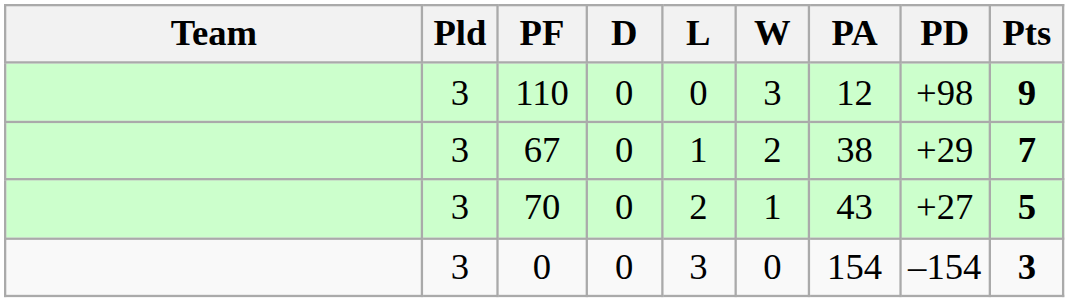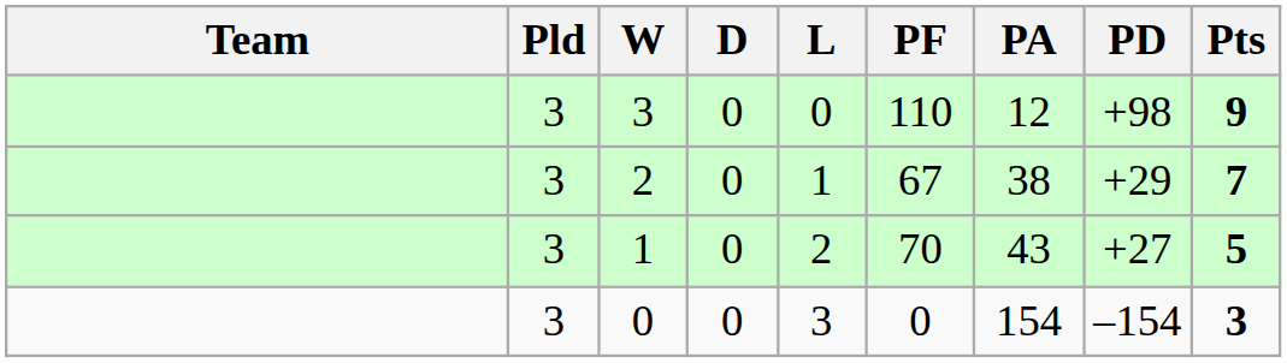 <table class="wikitable" style="text-align:center;">
 <tr>
 <th width=175>Team</th>
 <th width=25 abbr="Played">Pld</th>
-<th width=32 abbr="Points for">PF</th>
+<th width=25 abbr="Won">W</th>
 <th width=25 abbr="Drawn">D</th>
 <th width=25 abbr="Lost">L</th>
-<th width=25 abbr="Won">W</th>
+<th width=32 abbr="Points for">PF</th>
 <th width=32 abbr="Points against">PA</th>
 <th width=32 abbr="Points difference">PD</th>
 <th width=25 abbr="Points">Pts</th>
 </tr>
 <tr bgcolor=ccffcc>
 <td align=left></td>
 <td>3</td>
-<td>110</td>
+<td>3</td>
 <td>0</td>
 <td>0</td>
-<td>3</td>
+<td>110</td>
 <td>12</td>
 <td>+98</td>
 <td><strong>9</strong></td>
 </tr>
 <tr bgcolor=ccffcc>
 <td align=left></td>
 <td>3</td>
-<td>67</td>
+<td>2</td>
 <td>0</td>
 <td>1</td>
-<td>2</td>
+<td>67</td>
 <td>38</td>
 <td>+29</td>
 <td><strong>7</strong></td>
 </tr>
 <tr bgcolor=ccffcc>
 <td align=left></td>
 <td>3</td>
-<td>70</td>
+<td>1</td>
 <td>0</td>
 <td>2</td>
-<td>1</td>
+<td>70</td>
 <td>43</td>
 <td>+27</td>
 <td><strong>5</strong></td>
 </tr>
 <tr>
 <td align=left></td>
 <td>3</td>
 <td>0</td>
 <td>0</td>
 <td>3</td>
 <td>0</td>
 <td>154</td>
 <td>–154</td>
 <td><strong>3</strong></td>
 </tr>
 </table>
